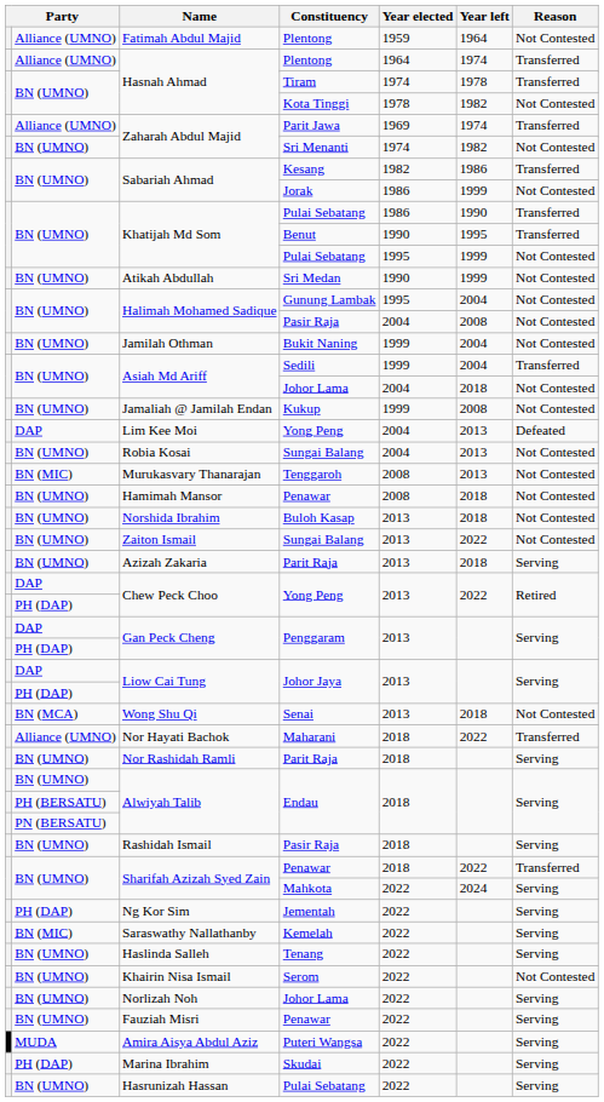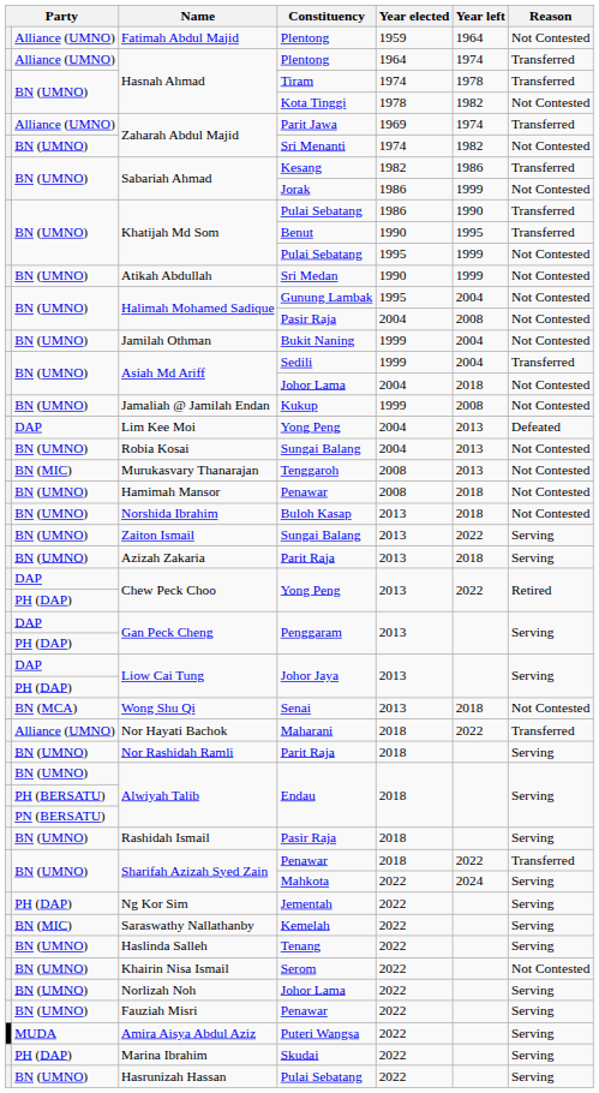 <table class="wikitable sortable">
 <tr>
 <th colspan=2>Party</th>
 <th>Name</th>
 <th>Constituency</th>
 <th>Year elected</th>
 <th>Year left</th>
 <th>Reason</th>
 </tr>
 <tr>
 <th style="background-color: "></th>
 <td><a href='#'>Alliance</a> (<a href='#'>UMNO</a>)</td>
 <td><a href='#'>Fatimah Abdul Majid</a></td>
 <td><a href='#'>Plentong</a></td>
 <td>1959</td>
 <td>1964</td>
 <td>Not Contested</td>
 </tr>
 <tr>
 <th style="background-color: "></th>
 <td><a href='#'>Alliance</a> (<a href='#'>UMNO</a>)</td>
 <td rowspan=4>Hasnah Ahmad</td>
 <td rowspan=2><a href='#'>Plentong</a></td>
 <td rowspan=2>1964</td>
 <td rowspan=2>1974</td>
 <td rowspan=2>Transferred</td>
 </tr>
 <tr>
 <th rowspan=3 style="background-color: "></th>
 <td rowspan=3><a href='#'>BN</a> (<a href='#'>UMNO</a>)</td>
 </tr>
 <tr>
 <td><a href='#'>Tiram</a></td>
 <td>1974</td>
 <td>1978</td>
 <td>Transferred</td>
 </tr>
 <tr>
 <td><a href='#'>Kota Tinggi</a></td>
 <td>1978</td>
 <td>1982</td>
 <td>Not Contested</td>
 </tr>
 <tr>
 <th style="background-color: "></th>
 <td><a href='#'>Alliance</a> (<a href='#'>UMNO</a>)</td>
 <td rowspan=3>Zaharah Abdul Majid</td>
 <td rowspan=2><a href='#'>Parit Jawa</a></td>
 <td rowspan=2>1969</td>
 <td rowspan=2>1974</td>
 <td rowspan=2>Transferred</td>
 </tr>
 <tr>
 <th rowspan=2 style="background-color: "></th>
 <td rowspan=2><a href='#'>BN</a> (<a href='#'>UMNO</a>)</td>
 </tr>
 <tr>
 <td><a href='#'>Sri Menanti</a></td>
 <td>1974</td>
 <td>1982</td>
 <td>Not Contested</td>
 </tr>
 <tr>
 <th rowspan=2 style="background-color: "></th>
 <td rowspan=2><a href='#'>BN</a> (<a href='#'>UMNO</a>)</td>
 <td rowspan=2>Sabariah Ahmad</td>
 <td><a href='#'>Kesang</a></td>
 <td>1982</td>
 <td>1986</td>
 <td>Transferred</td>
 </tr>
 <tr>
 <td><a href='#'>Jorak</a></td>
 <td>1986</td>
 <td>1999</td>
 <td>Not Contested</td>
 </tr>
 <tr>
 <th rowspan=3 style="background-color: "></th>
 <td rowspan=3><a href='#'>BN</a> (<a href='#'>UMNO</a>)</td>
 <td rowspan=3>Khatijah Md Som</td>
 <td><a href='#'>Pulai Sebatang</a></td>
 <td>1986</td>
 <td>1990</td>
 <td>Transferred</td>
 </tr>
 <tr>
 <td><a href='#'>Benut</a></td>
 <td>1990</td>
 <td>1995</td>
 <td>Transferred</td>
 </tr>
 <tr>
 <td><a href='#'>Pulai Sebatang</a></td>
 <td>1995</td>
 <td>1999</td>
 <td>Not Contested</td>
 </tr>
 <tr>
 <th style="background-color: "></th>
 <td><a href='#'>BN</a> (<a href='#'>UMNO</a>)</td>
 <td>Atikah Abdullah</td>
 <td><a href='#'>Sri Medan</a></td>
 <td>1990</td>
 <td>1999</td>
 <td>Not Contested</td>
 </tr>
 <tr>
 <th rowspan=2 style="background-color: "></th>
 <td rowspan=2><a href='#'>BN</a> (<a href='#'>UMNO</a>)</td>
 <td rowspan=2><a href='#'>Halimah Mohamed Sadique</a></td>
 <td><a href='#'>Gunung Lambak</a></td>
 <td>1995</td>
 <td>2004</td>
 <td>Not Contested</td>
 </tr>
 <tr>
 <td><a href='#'>Pasir Raja</a></td>
 <td>2004</td>
 <td>2008</td>
 <td>Not Contested</td>
 </tr>
 <tr>
 <th style="background-color: "></th>
 <td><a href='#'>BN</a> (<a href='#'>UMNO</a>)</td>
 <td>Jamilah Othman</td>
 <td><a href='#'>Bukit Naning</a></td>
 <td>1999</td>
 <td>2004</td>
 <td>Not Contested</td>
 </tr>
 <tr>
 <th rowspan=2 style="background-color: "></th>
 <td rowspan=2><a href='#'>BN</a> (<a href='#'>UMNO</a>)</td>
 <td rowspan=2><a href='#'>Asiah Md Ariff</a></td>
 <td><a href='#'>Sedili</a></td>
 <td>1999</td>
 <td>2004</td>
 <td>Transferred</td>
 </tr>
 <tr>
 <td><a href='#'>Johor Lama</a></td>
 <td>2004</td>
 <td>2018</td>
 <td>Not Contested</td>
 </tr>
 <tr>
 <th style="background-color: "></th>
 <td><a href='#'>BN</a> (<a href='#'>UMNO</a>)</td>
 <td>Jamaliah @ Jamilah Endan</td>
 <td><a href='#'>Kukup</a></td>
 <td>1999</td>
 <td>2008</td>
 <td>Not Contested</td>
 </tr>
 <tr>
 <th style="background-color: "></th>
 <td><a href='#'>DAP</a></td>
 <td>Lim Kee Moi</td>
 <td><a href='#'>Yong Peng</a></td>
 <td>2004</td>
 <td>2013</td>
 <td>Defeated</td>
 </tr>
 <tr>
 <th style="background-color: "></th>
 <td><a href='#'>BN</a> (<a href='#'>UMNO</a>)</td>
 <td>Robia Kosai</td>
 <td><a href='#'>Sungai Balang</a></td>
 <td>2004</td>
 <td>2013</td>
 <td>Not Contested</td>
 </tr>
 <tr>
 <th style="background-color: "></th>
 <td><a href='#'>BN</a> (<a href='#'>MIC</a>)</td>
 <td>Murukasvary Thanarajan</td>
 <td><a href='#'>Tenggaroh</a></td>
 <td>2008</td>
 <td>2013</td>
 <td>Not Contested</td>
 </tr>
 <tr>
 <th style="background-color: "></th>
 <td><a href='#'>BN</a> (<a href='#'>UMNO</a>)</td>
 <td>Hamimah Mansor</td>
 <td><a href='#'>Penawar</a></td>
 <td>2008</td>
 <td>2018</td>
 <td>Not Contested</td>
 </tr>
 <tr>
 <th style="background-color: "></th>
 <td><a href='#'>BN</a> (<a href='#'>UMNO</a>)</td>
 <td><a href='#'>Norshida Ibrahim</a></td>
 <td><a href='#'>Buloh Kasap</a></td>
 <td>2013</td>
 <td>2018</td>
 <td>Not Contested</td>
 </tr>
 <tr>
 <th style="background-color: "></th>
 <td><a href='#'>BN</a> (<a href='#'>UMNO</a>)</td>
 <td><a href='#'>Zaiton Ismail</a></td>
 <td><a href='#'>Sungai Balang</a></td>
 <td>2013</td>
 <td>2022</td>
-<td>Not Contested</td>
+<td>Serving</td>
 </tr>
 <tr>
 <th style="background-color: "></th>
 <td><a href='#'>BN</a> (<a href='#'>UMNO</a>)</td>
 <td>Azizah Zakaria</td>
 <td><a href='#'>Parit Raja</a></td>
 <td>2013</td>
 <td>2018</td>
 <td>Serving</td>
 </tr>
 <tr>
 <th style="background-color: "></th>
 <td><a href='#'>DAP</a></td>
 <td rowspan=2>Chew Peck Choo</td>
 <td rowspan=2><a href='#'>Yong Peng</a></td>
 <td rowspan=2>2013</td>
 <td rowspan=2>2022</td>
 <td rowspan=2>Retired</td>
 </tr>
 <tr>
 <th style="background-color: "></th>
 <td><a href='#'>PH</a> (<a href='#'>DAP</a>)</td>
 </tr>
 <tr>
 <th style="background-color: "></th>
 <td><a href='#'>DAP</a></td>
 <td rowspan=2><a href='#'>Gan Peck Cheng</a></td>
 <td rowspan=2><a href='#'>Penggaram</a></td>
 <td rowspan=2>2013</td>
 <td rowspan=2></td>
 <td rowspan=2>Serving</td>
 </tr>
 <tr>
 <th style="background-color: "></th>
 <td><a href='#'>PH</a> (<a href='#'>DAP</a>)</td>
 </tr>
 <tr>
 <th style="background-color: "></th>
 <td><a href='#'>DAP</a></td>
 <td rowspan=2><a href='#'>Liow Cai Tung</a></td>
 <td rowspan=2><a href='#'>Johor Jaya</a></td>
 <td rowspan=2>2013</td>
 <td rowspan=2></td>
 <td rowspan=2>Serving</td>
 </tr>
 <tr>
 <th style="background-color: "></th>
 <td><a href='#'>PH</a> (<a href='#'>DAP</a>)</td>
 </tr>
 <tr>
 <th style="background-color: "></th>
 <td><a href='#'>BN</a> (<a href='#'>MCA</a>)</td>
 <td><a href='#'>Wong Shu Qi</a></td>
 <td><a href='#'>Senai</a></td>
 <td>2013</td>
 <td>2018</td>
 <td>Not Contested</td>
 </tr>
 <tr>
 <th style="background-color: "></th>
 <td><a href='#'>Alliance</a> (<a href='#'>UMNO</a>)</td>
 <td>Nor Hayati Bachok</td>
 <td><a href='#'>Maharani</a></td>
 <td>2018</td>
 <td>2022</td>
 <td>Transferred</td>
 </tr>
 <tr>
 <th style="background-color: "></th>
 <td><a href='#'>BN</a> (<a href='#'>UMNO</a>)</td>
 <td><a href='#'>Nor Rashidah Ramli</a></td>
 <td><a href='#'>Parit Raja</a></td>
 <td>2018</td>
 <td></td>
 <td>Serving</td>
 </tr>
 <tr>
 <th style="background-color: "></th>
 <td><a href='#'>BN</a> (<a href='#'>UMNO</a>)</td>
 <td rowspan=3><a href='#'>Alwiyah Talib</a></td>
 <td rowspan=3><a href='#'>Endau</a></td>
 <td rowspan=3>2018</td>
 <td rowspan=3></td>
 <td rowspan=3>Serving</td>
 </tr>
 <tr>
 <th style="background-color: "></th>
 <td><a href='#'>PH</a> (<a href='#'>BERSATU</a>)</td>
 </tr>
 <tr>
 <th style="background-color: "></th>
 <td><a href='#'>PN</a> (<a href='#'>BERSATU</a>)</td>
 </tr>
 <tr>
 <th style="background-color: "></th>
 <td><a href='#'>BN</a> (<a href='#'>UMNO</a>)</td>
 <td>Rashidah Ismail</td>
 <td><a href='#'>Pasir Raja</a></td>
 <td>2018</td>
 <td></td>
 <td>Serving</td>
 </tr>
 <tr>
 <th rowspan="2" style="background-color: "></th>
 <td rowspan="2"><a href='#'>BN</a> (<a href='#'>UMNO</a>)</td>
 <td rowspan="2"><a href='#'>Sharifah Azizah Syed Zain</a></td>
 <td><a href='#'>Penawar</a></td>
 <td>2018</td>
 <td>2022</td>
 <td>Transferred</td>
 </tr>
 <tr>
 <td><a href='#'>Mahkota</a></td>
 <td>2022</td>
 <td>2024</td>
 <td>Serving</td>
 </tr>
 <tr>
 <th style="background-color: "></th>
 <td><a href='#'>PH</a> (<a href='#'>DAP</a>)</td>
 <td>Ng Kor Sim</td>
 <td><a href='#'>Jementah</a></td>
 <td>2022</td>
 <td></td>
 <td>Serving</td>
 </tr>
 <tr>
 <th style="background-color: "></th>
 <td><a href='#'>BN</a> (<a href='#'>MIC</a>)</td>
 <td>Saraswathy Nallathanby</td>
 <td><a href='#'>Kemelah</a></td>
 <td>2022</td>
 <td></td>
 <td>Serving</td>
 </tr>
 <tr>
 <th style="background-color: "></th>
 <td><a href='#'>BN</a> (<a href='#'>UMNO</a>)</td>
 <td>Haslinda Salleh</td>
 <td><a href='#'>Tenang</a></td>
 <td>2022</td>
 <td></td>
 <td>Serving</td>
 </tr>
 <tr>
 <th style="background-color: "></th>
 <td><a href='#'>BN</a> (<a href='#'>UMNO</a>)</td>
 <td>Khairin Nisa Ismail</td>
 <td><a href='#'>Serom</a></td>
 <td>2022</td>
 <td></td>
 <td>Not Contested</td>
 </tr>
 <tr>
 <th style="background-color: "></th>
 <td><a href='#'>BN</a> (<a href='#'>UMNO</a>)</td>
 <td>Norlizah Noh</td>
 <td><a href='#'>Johor Lama</a></td>
 <td>2022</td>
 <td></td>
 <td>Serving</td>
 </tr>
 <tr>
 <th style="background-color: "></th>
 <td><a href='#'>BN</a> (<a href='#'>UMNO</a>)</td>
 <td>Fauziah Misri</td>
 <td><a href='#'>Penawar</a></td>
 <td>2022</td>
 <td></td>
 <td>Serving</td>
 </tr>
 <tr>
 <th style="background-color: black"></th>
 <td><a href='#'>MUDA</a></td>
 <td><a href='#'>Amira Aisya Abdul Aziz</a></td>
 <td><a href='#'>Puteri Wangsa</a></td>
 <td>2022</td>
 <td></td>
 <td>Serving</td>
 </tr>
 <tr>
 <th style="background-color: "></th>
 <td><a href='#'>PH</a> (<a href='#'>DAP</a>)</td>
 <td>Marina Ibrahim</td>
 <td><a href='#'>Skudai</a></td>
 <td>2022</td>
 <td></td>
 <td>Serving</td>
 </tr>
 <tr>
 <th style="background-color: "></th>
 <td><a href='#'>BN</a> (<a href='#'>UMNO</a>)</td>
 <td>Hasrunizah Hassan</td>
 <td><a href='#'>Pulai Sebatang</a></td>
 <td>2022</td>
 <td></td>
 <td>Serving</td>
 </tr>
 </table>
